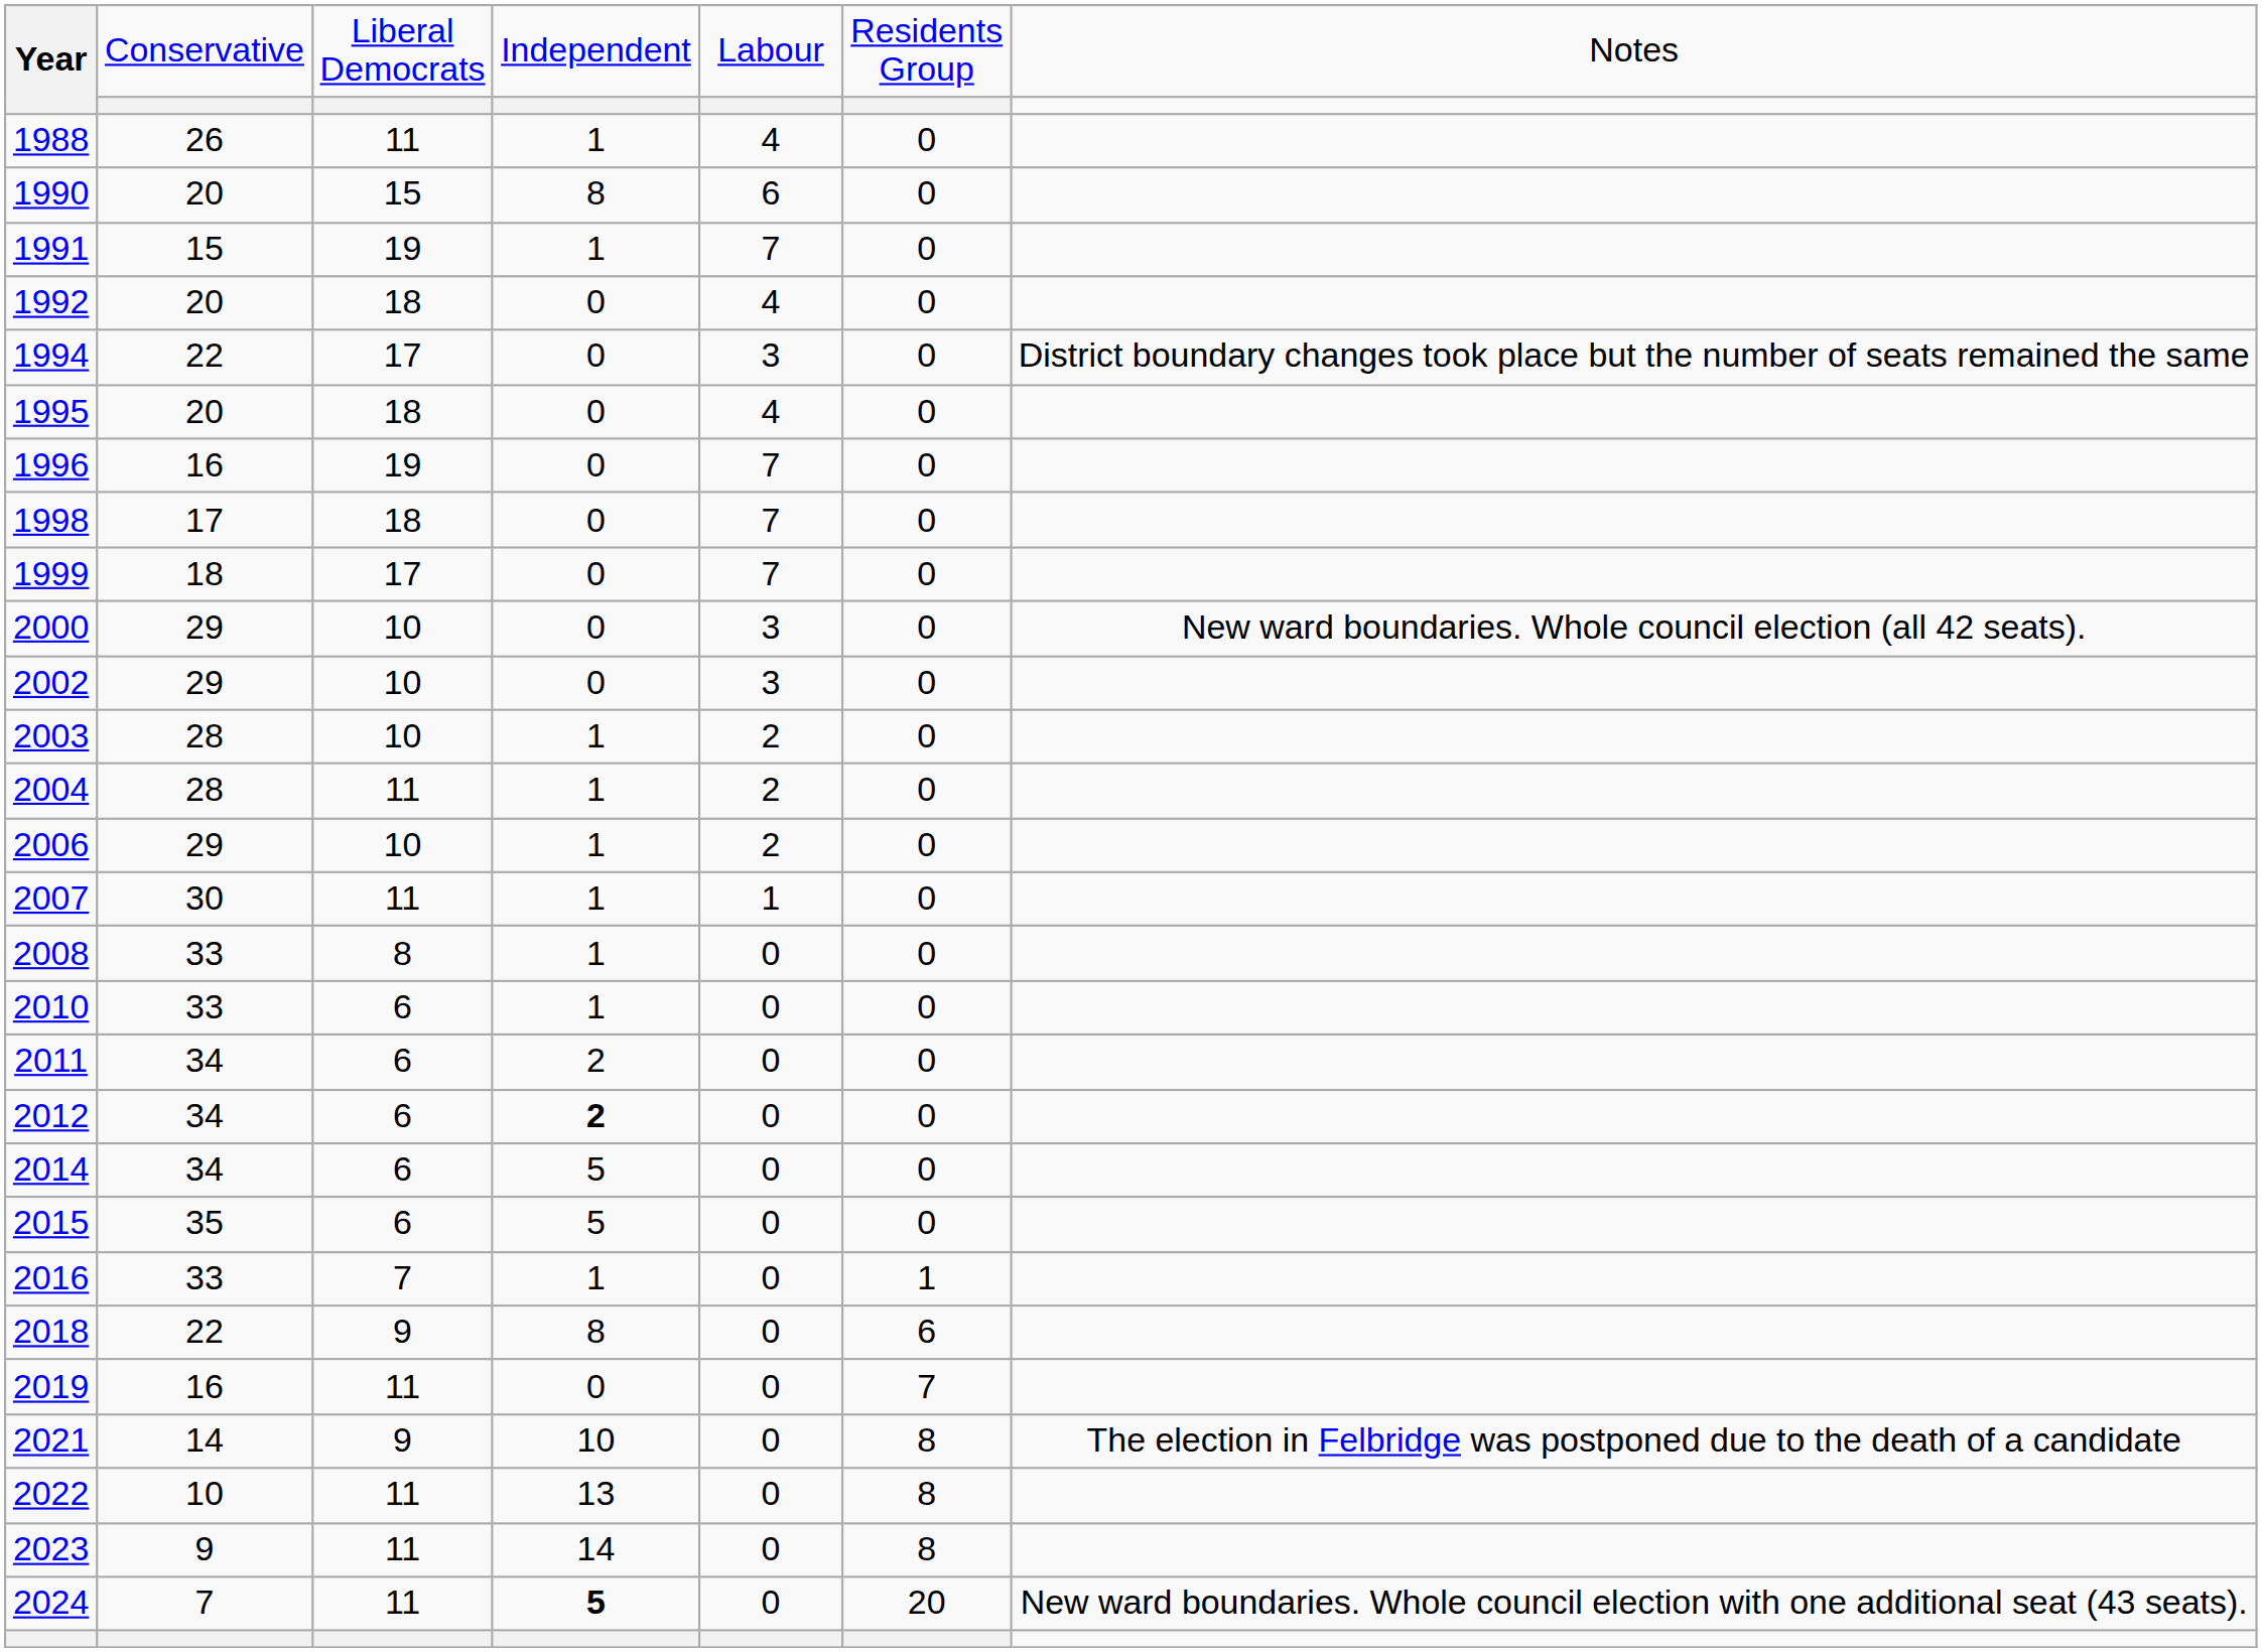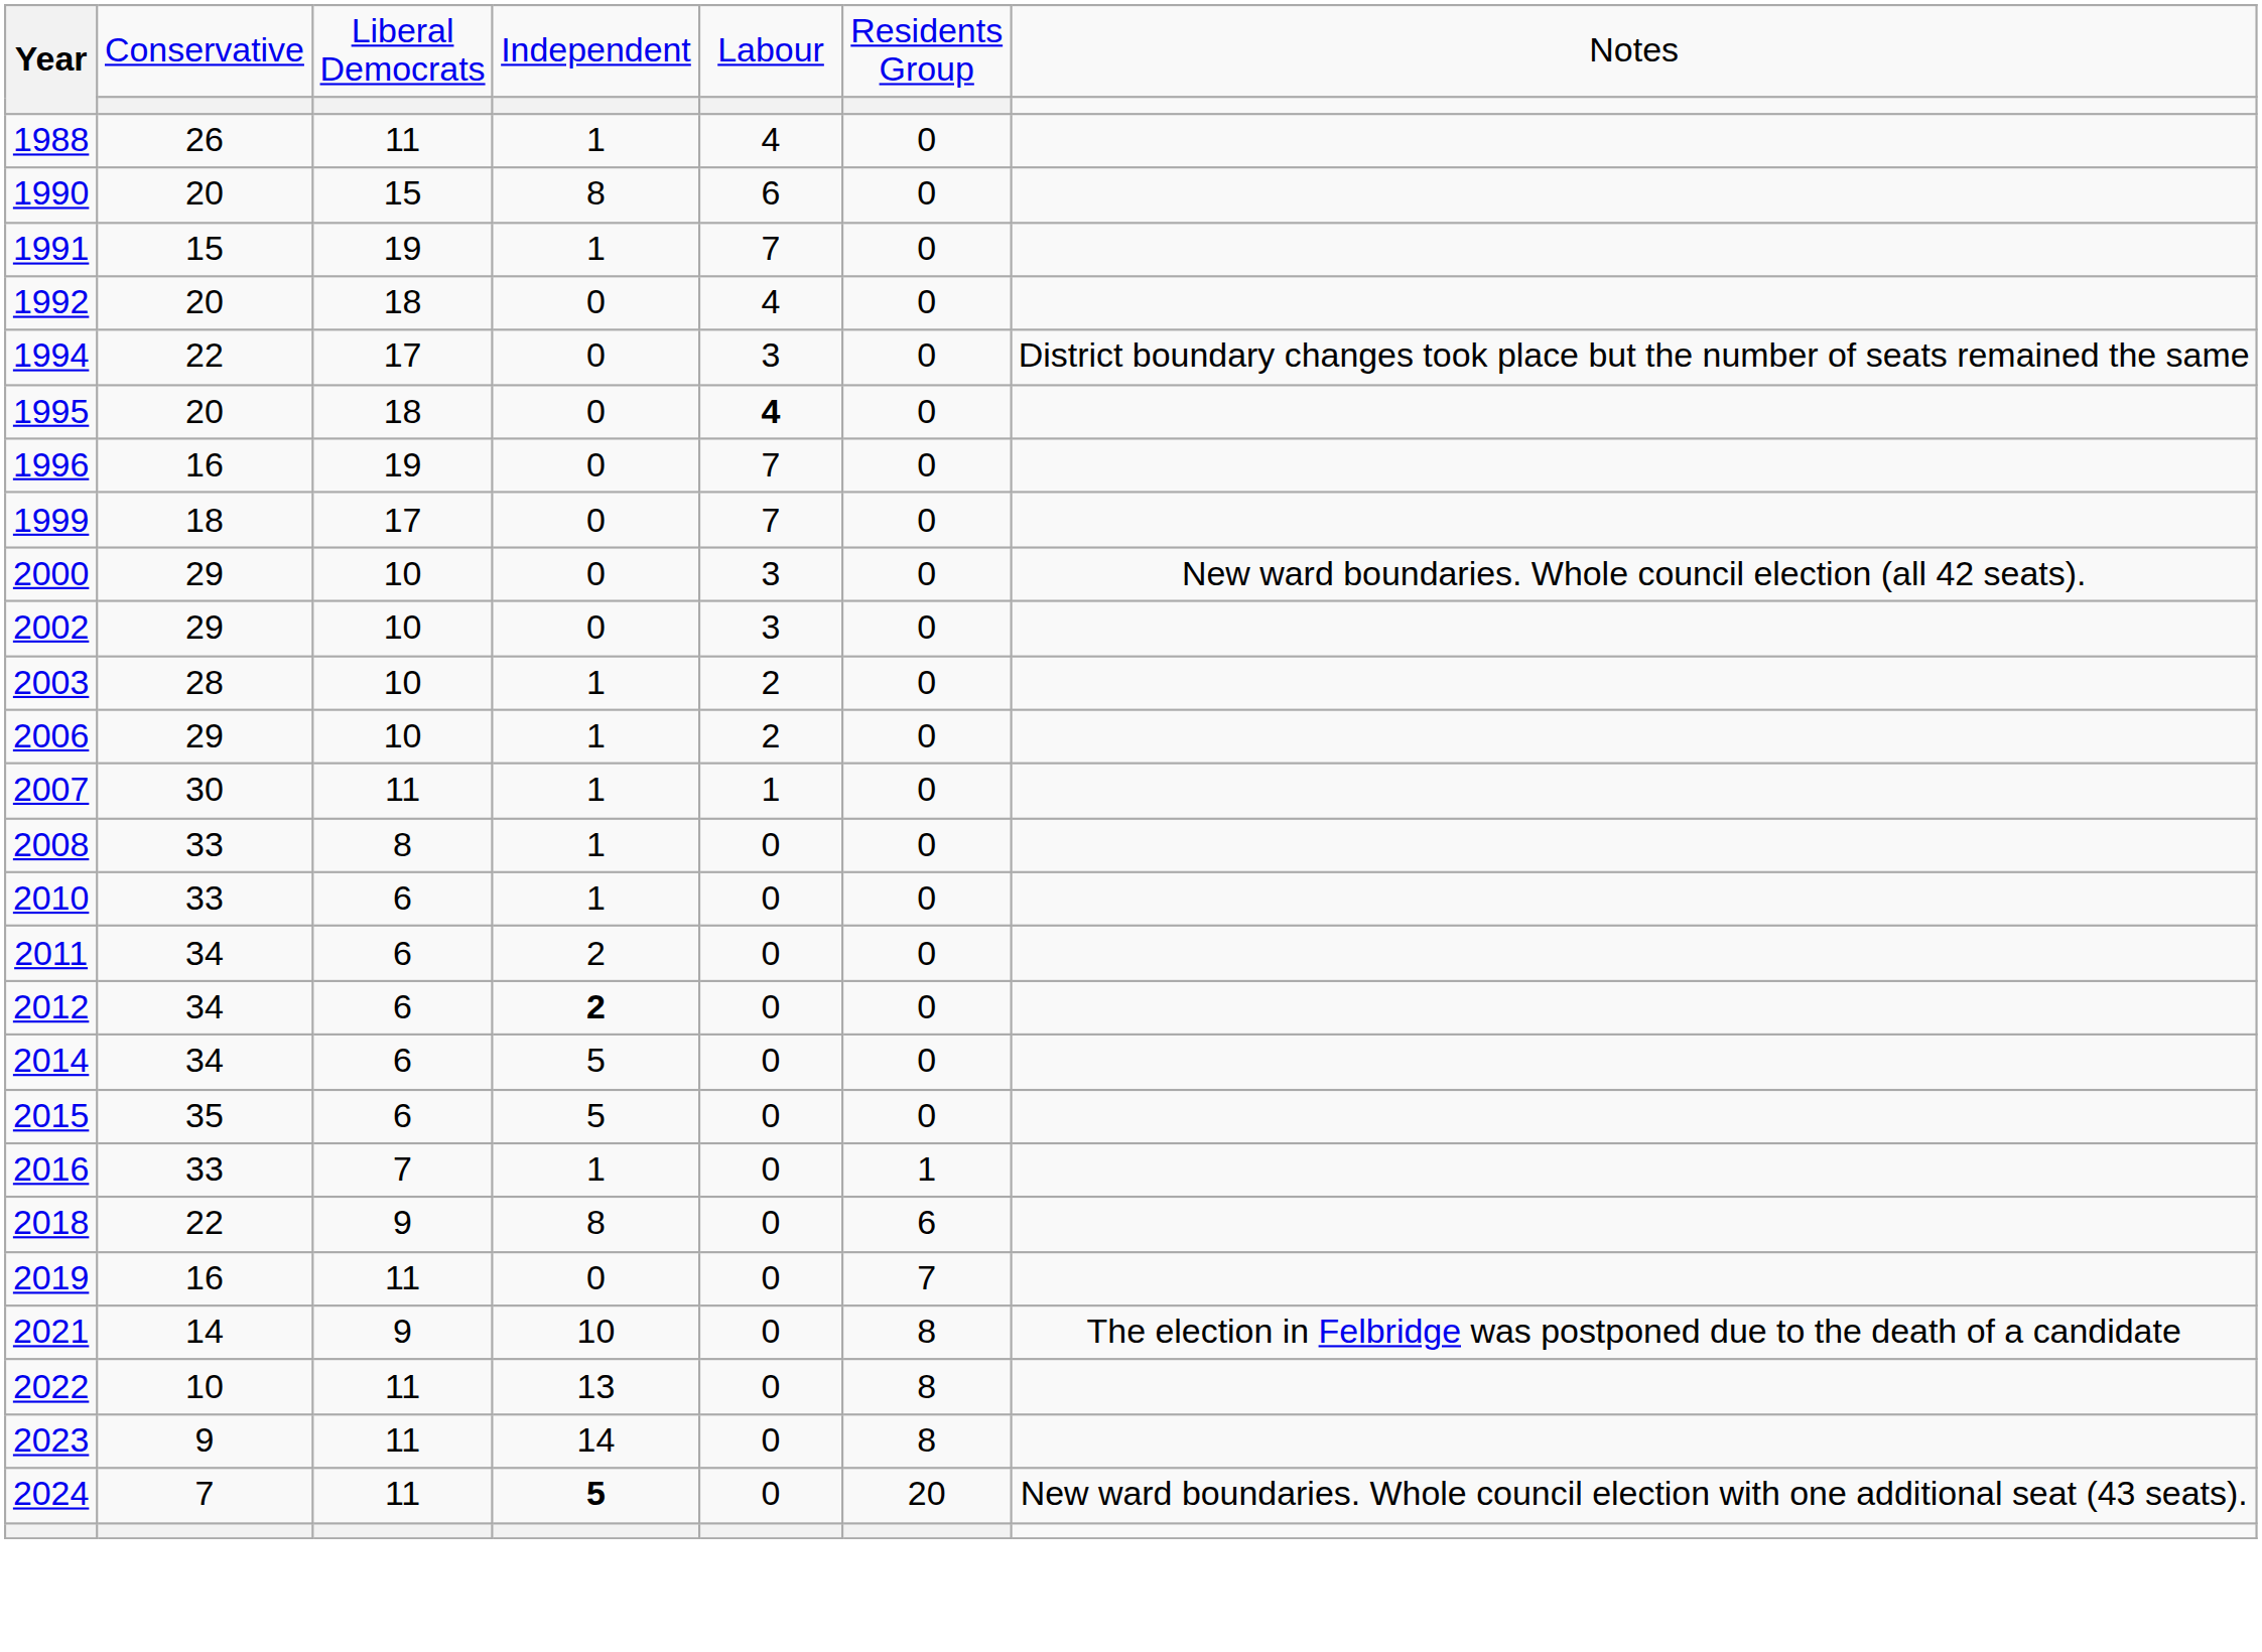 <table class=wikitable style=text-align:center>
 <tr>
 <th rowspan=2>Year</th>
 <td width="60"><a href='#'>Conservative</a></td>
 <td width="60"><a href='#'>Liberal Democrats</a></td>
 <td width="60"><a href='#'>Independent</a></td>
 <td width="60"><a href='#'>Labour</a></td>
 <td width="60"><a href='#'>Residents Group</a></td>
 <td>Notes</td>
 </tr>
 <tr>
 <th style="background-color: "></th>
 <th style="background-color: "></th>
 <th style="background-color: "></th>
 <th style="background-color: "></th>
 <th style="background-color: "></th>
 <td></td>
 </tr>
 <tr>
 <td><a href='#'>1988</a></td>
 <td>26</td>
 <td>11</td>
 <td>1</td>
 <td>4</td>
 <td>0</td>
 <td></td>
 </tr>
 <tr>
 <td><a href='#'>1990</a></td>
 <td>20</td>
 <td>15</td>
 <td>8</td>
 <td>6</td>
 <td>0</td>
 <td></td>
 </tr>
 <tr>
 <td><a href='#'>1991</a></td>
 <td>15</td>
 <td>19</td>
 <td>1</td>
 <td>7</td>
 <td>0</td>
 <td></td>
 </tr>
 <tr>
 <td><a href='#'>1992</a></td>
 <td>20</td>
 <td>18</td>
 <td>0</td>
 <td>4</td>
 <td>0</td>
 <td></td>
 </tr>
 <tr>
 <td><a href='#'>1994</a></td>
 <td>22</td>
 <td>17</td>
 <td>0</td>
 <td>3</td>
 <td>0</td>
 <td>District boundary changes took place but the number of seats remained the same</td>
 </tr>
 <tr>
 <td><a href='#'>1995</a></td>
 <td>20</td>
 <td>18</td>
 <td>0</td>
-<td>4</td>
+<td><strong>4</strong></td>
 <td>0</td>
 <td></td>
 </tr>
 <tr>
 <td><a href='#'>1996</a></td>
 <td>16</td>
 <td>19</td>
-<td>0</td>
-<td>7</td>
-<td>0</td>
-<td></td>
-</tr>
-<tr>
-<td><a href='#'>1998</a></td>
-<td>17</td>
-<td>18</td>
 <td>0</td>
 <td>7</td>
 <td>0</td>
 <td></td>
 </tr>
 <tr>
 <td><a href='#'>1999</a></td>
 <td>18</td>
 <td>17</td>
 <td>0</td>
 <td>7</td>
 <td>0</td>
 <td></td>
 </tr>
 <tr>
 <td><a href='#'>2000</a></td>
 <td>29</td>
 <td>10</td>
 <td>0</td>
 <td>3</td>
 <td>0</td>
 <td>New ward boundaries. Whole council election (all 42 seats).</td>
 </tr>
 <tr>
 <td><a href='#'>2002</a></td>
 <td>29</td>
 <td>10</td>
 <td>0</td>
 <td>3</td>
 <td>0</td>
 <td></td>
 </tr>
 <tr>
 <td><a href='#'>2003</a></td>
 <td>28</td>
 <td>10</td>
-<td>1</td>
-<td>2</td>
-<td>0</td>
-<td></td>
-</tr>
-<tr>
-<td><a href='#'>2004</a></td>
-<td>28</td>
-<td>11</td>
 <td>1</td>
 <td>2</td>
 <td>0</td>
 <td></td>
 </tr>
 <tr>
 <td><a href='#'>2006</a></td>
 <td>29</td>
 <td>10</td>
 <td>1</td>
 <td>2</td>
 <td>0</td>
 <td></td>
 </tr>
 <tr>
 <td><a href='#'>2007</a></td>
 <td>30</td>
 <td>11</td>
 <td>1</td>
 <td>1</td>
 <td>0</td>
 <td></td>
 </tr>
 <tr>
 <td><a href='#'>2008</a></td>
 <td>33</td>
 <td>8</td>
 <td>1</td>
 <td>0</td>
 <td>0</td>
 <td></td>
 </tr>
 <tr>
 <td><a href='#'>2010</a></td>
 <td>33</td>
 <td>6</td>
 <td>1</td>
 <td>0</td>
 <td>0</td>
 <td></td>
 </tr>
 <tr>
 <td><a href='#'>2011</a></td>
 <td>34</td>
 <td>6</td>
 <td>2</td>
 <td>0</td>
 <td>0</td>
 <td></td>
 </tr>
 <tr>
 <td><a href='#'>2012</a></td>
 <td>34</td>
 <td>6</td>
 <td><strong>2</strong></td>
 <td>0</td>
 <td>0</td>
 <td></td>
 </tr>
 <tr>
 <td><a href='#'>2014</a></td>
 <td>34</td>
 <td>6</td>
 <td>5</td>
 <td>0</td>
 <td>0</td>
 <td></td>
 </tr>
 <tr>
 <td><a href='#'>2015</a></td>
 <td>35</td>
 <td>6</td>
 <td>5</td>
 <td>0</td>
 <td>0</td>
 <td></td>
 </tr>
 <tr>
 <td><a href='#'>2016</a></td>
 <td>33</td>
 <td>7</td>
 <td>1</td>
 <td>0</td>
 <td>1</td>
 <td></td>
 </tr>
 <tr>
 <td><a href='#'>2018</a></td>
 <td>22</td>
 <td>9</td>
 <td>8</td>
 <td>0</td>
 <td>6</td>
 <td></td>
 </tr>
 <tr>
 <td><a href='#'>2019</a></td>
 <td>16</td>
 <td>11</td>
 <td>0</td>
 <td>0</td>
 <td>7</td>
 <td></td>
 </tr>
 <tr>
 <td><a href='#'>2021</a></td>
 <td>14</td>
 <td>9</td>
 <td>10</td>
 <td>0</td>
 <td>8</td>
 <td>The election in <a href='#'>Felbridge</a> was postponed due to the death of a candidate</td>
 </tr>
 <tr>
 <td><a href='#'>2022</a></td>
 <td>10</td>
 <td>11</td>
 <td>13</td>
 <td>0</td>
 <td>8</td>
 <td></td>
 </tr>
 <tr>
 <td><a href='#'>2023</a></td>
 <td>9</td>
 <td>11</td>
 <td>14</td>
 <td>0</td>
 <td>8</td>
 <td></td>
 </tr>
 <tr>
 <td><a href='#'>2024</a></td>
 <td>7</td>
 <td>11</td>
 <td><strong>5</strong></td>
 <td>0</td>
 <td>20</td>
 <td>New ward boundaries. Whole council election with one additional seat (43 seats).</td>
 </tr>
 <tr>
 <th></th>
 <th style="background-color: "></th>
 <th style="background-color: "></th>
 <th style="background-color: "></th>
 <th style="background-color: "></th>
 <th style="background-color: "></th>
 <td></td>
 </tr>
 </table>
